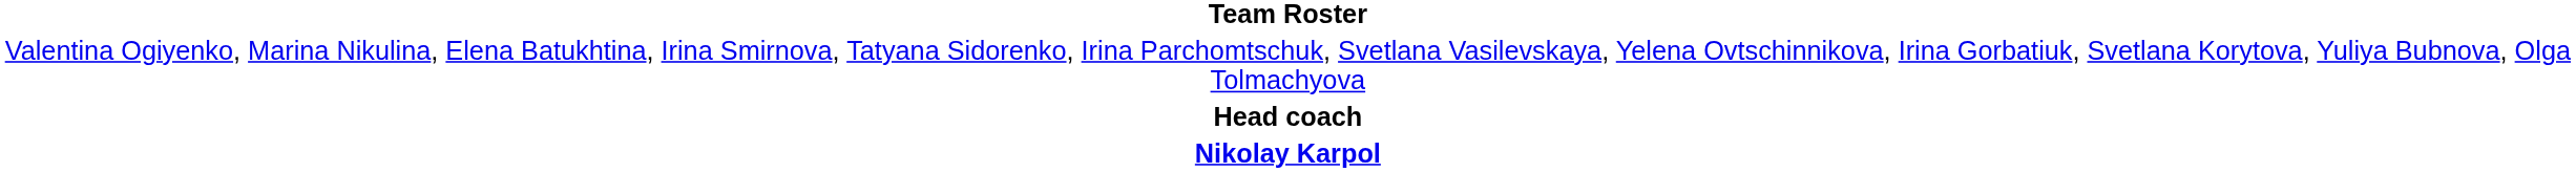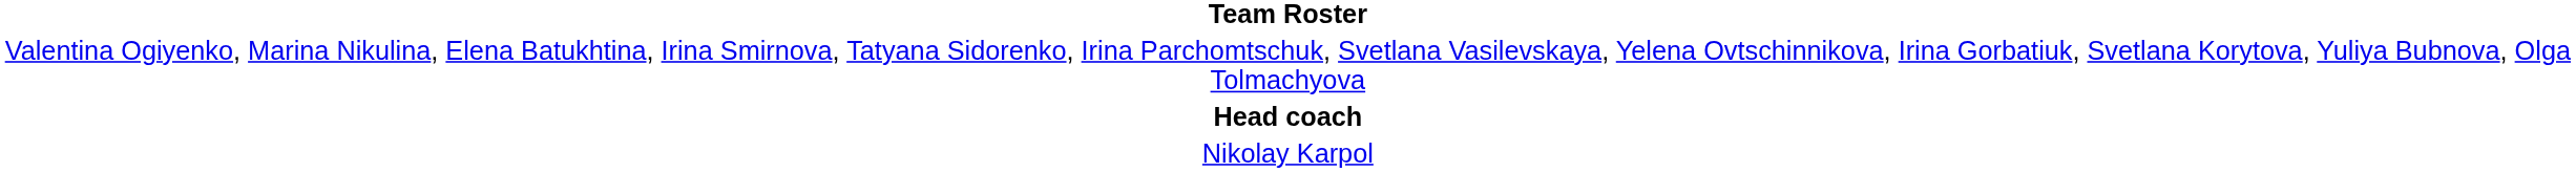 <table style="text-align: center; margin-top: 2em; margin-left: auto; margin-right: auto">
 <tr>
 <td><strong>Team Roster</strong></td>
 </tr>
 <tr>
 <td><a href='#'>Valentina Ogiyenko</a>, <a href='#'>Marina Nikulina</a>, <a href='#'>Elena Batukhtina</a>, <a href='#'>Irina Smirnova</a>, <a href='#'>Tatyana Sidorenko</a>, <a href='#'>Irina Parchomtschuk</a>, <a href='#'>Svetlana Vasilevskaya</a>, <a href='#'>Yelena Ovtschinnikova</a>, <a href='#'>Irina Gorbatiuk</a>, <a href='#'>Svetlana Korytova</a>, <a href='#'>Yuliya Bubnova</a>, <a href='#'>Olga Tolmachyova</a></td>
 </tr>
 <tr>
 <td><strong>Head coach</strong></td>
 </tr>
 <tr>
-<td><strong><a href='#'>Nikolay Karpol</a></strong></td>
+<td><a href='#'>Nikolay Karpol</a></td>
 </tr>
 <tr>
 </tr>
 </table>
